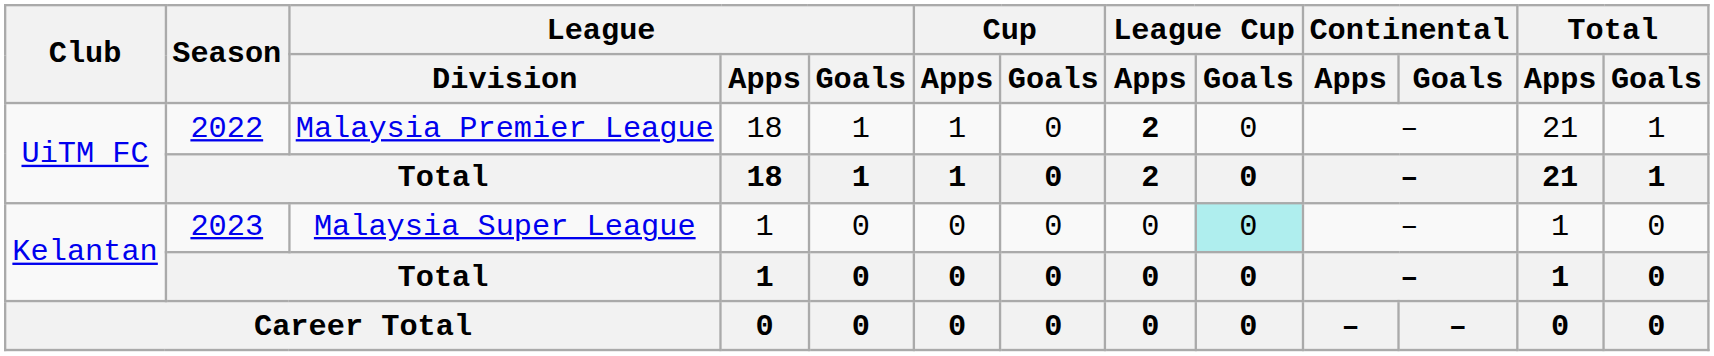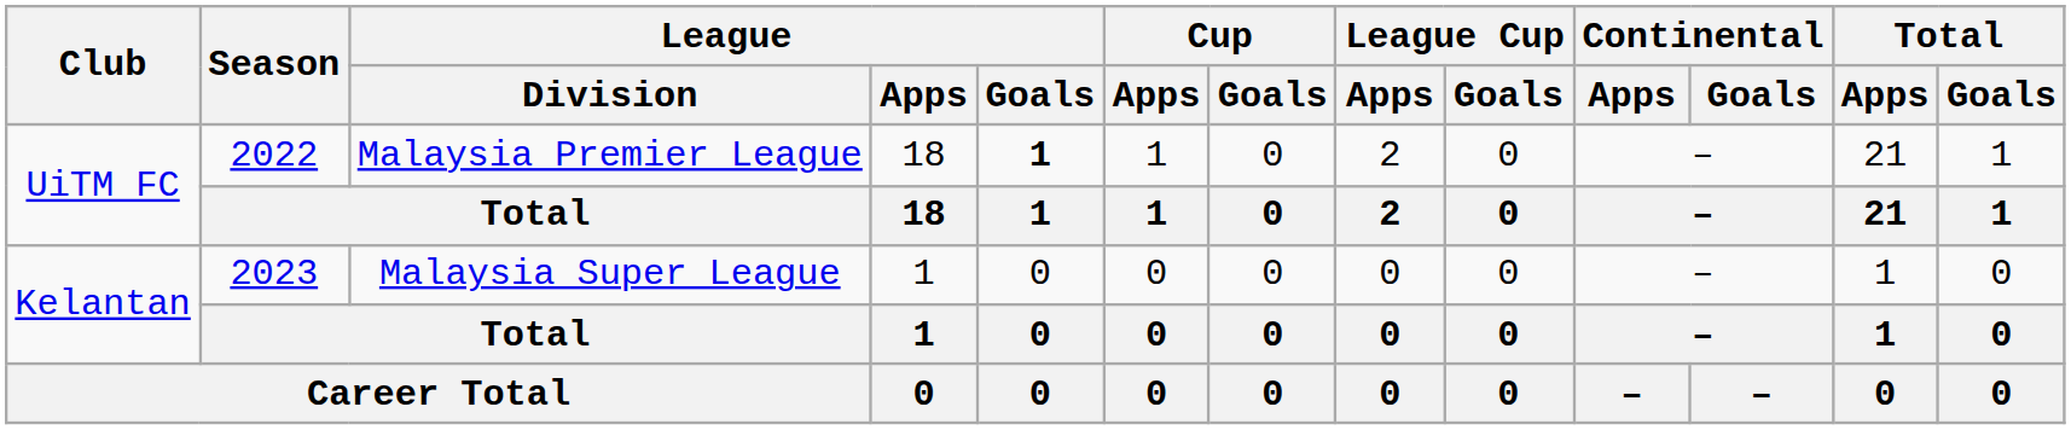 <table class=wikitable style="text-align:center">
 <tr>
 <th rowspan=2>Club</th>
 <th rowspan=2>Season</th>
 <th colspan=3>League</th>
 <th colspan=2>Cup</th>
 <th colspan=2>League Cup</th>
 <th colspan=2>Continental</th>
 <th colspan=2>Total</th>
 </tr>
 <tr>
 <th>Division</th>
 <th>Apps</th>
 <th>Goals</th>
 <th>Apps</th>
 <th>Goals</th>
 <th>Apps</th>
 <th>Goals</th>
 <th>Apps</th>
 <th>Goals</th>
 <th>Apps</th>
 <th>Goals</th>
 </tr>
 <tr>
 <td rowspan="2"><a href='#'>UiTM FC</a></td>
 <td><a href='#'>2022</a></td>
 <td><a href='#'>Malaysia Premier League</a></td>
 <td>18</td>
-<td>1</td>
+<td><strong>1</strong></td>
 <td>1</td>
 <td>0</td>
-<td><strong>2</strong></td>
+<td>2</td>
 <td>0</td>
 <td colspan=2>–</td>
 <td>21</td>
 <td>1</td>
 </tr>
 <tr>
 <th colspan="2">Total</th>
 <th>18</th>
 <th>1</th>
 <th>1</th>
 <th>0</th>
 <th>2</th>
 <th>0</th>
 <th colspan=2>–</th>
 <th>21</th>
 <th>1</th>
 </tr>
 <tr>
 <td rowspan="2"><a href='#'>Kelantan</a></td>
 <td><a href='#'>2023</a></td>
 <td><a href='#'>Malaysia Super League</a></td>
 <td>1</td>
 <td>0</td>
 <td>0</td>
 <td>0</td>
 <td>0</td>
-<td style="background: paleturquoise;">0</td>
+<td>0</td>
 <td colspan=2>–</td>
 <td>1</td>
 <td>0</td>
 </tr>
 <tr>
 <th colspan="2">Total</th>
 <th>1</th>
 <th>0</th>
 <th>0</th>
 <th>0</th>
 <th>0</th>
 <th>0</th>
 <th colspan=2>–</th>
 <th>1</th>
 <th>0</th>
 </tr>
 <tr>
 <th colspan="3">Career Total</th>
 <th>0</th>
 <th>0</th>
 <th>0</th>
 <th>0</th>
 <th>0</th>
 <th>0</th>
 <th>–</th>
 <th>–</th>
 <th>0</th>
 <th>0</th>
 </tr>
 </table>
